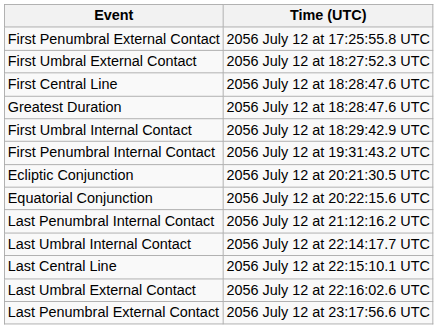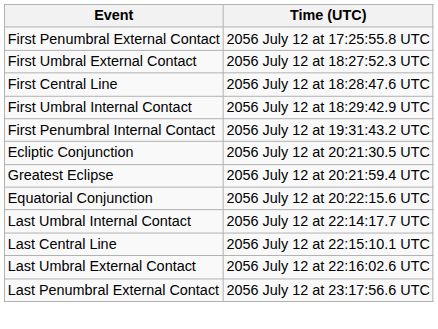 <table class="wikitable">
 <tr>
 <th>Event</th>
 <th>Time (UTC)</th>
 </tr>
 <tr>
 <td>First Penumbral External Contact</td>
 <td>2056 July 12 at 17:25:55.8 UTC</td>
 </tr>
 <tr>
 <td>First Umbral External Contact</td>
 <td>2056 July 12 at 18:27:52.3 UTC</td>
 </tr>
 <tr>
 <td>First Central Line</td>
 <td>2056 July 12 at 18:28:47.6 UTC</td>
 </tr>
 <tr>
-<td>Greatest Duration</td>
-<td>2056 July 12 at 18:28:47.6 UTC</td>
-</tr>
-<tr>
 <td>First Umbral Internal Contact</td>
 <td>2056 July 12 at 18:29:42.9 UTC</td>
 </tr>
 <tr>
 <td>First Penumbral Internal Contact</td>
 <td>2056 July 12 at 19:31:43.2 UTC</td>
 </tr>
 <tr>
 <td>Ecliptic Conjunction</td>
 <td>2056 July 12 at 20:21:30.5 UTC</td>
 </tr>
 <tr>
+<td>Greatest Eclipse</td>
+<td>2056 July 12 at 20:21:59.4 UTC</td>
+</tr>
+<tr>
 <td>Equatorial Conjunction</td>
 <td>2056 July 12 at 20:22:15.6 UTC</td>
-</tr>
-<tr>
-<td>Last Penumbral Internal Contact</td>
-<td>2056 July 12 at 21:12:16.2 UTC</td>
 </tr>
 <tr>
 <td>Last Umbral Internal Contact</td>
 <td>2056 July 12 at 22:14:17.7 UTC</td>
 </tr>
 <tr>
 <td>Last Central Line</td>
 <td>2056 July 12 at 22:15:10.1 UTC</td>
 </tr>
 <tr>
 <td>Last Umbral External Contact</td>
 <td>2056 July 12 at 22:16:02.6 UTC</td>
 </tr>
 <tr>
 <td>Last Penumbral External Contact</td>
 <td>2056 July 12 at 23:17:56.6 UTC</td>
 </tr>
 </table>
